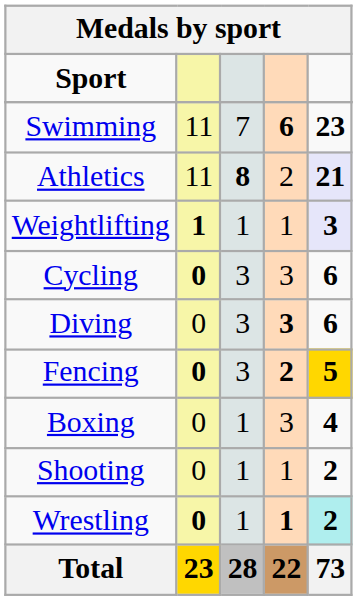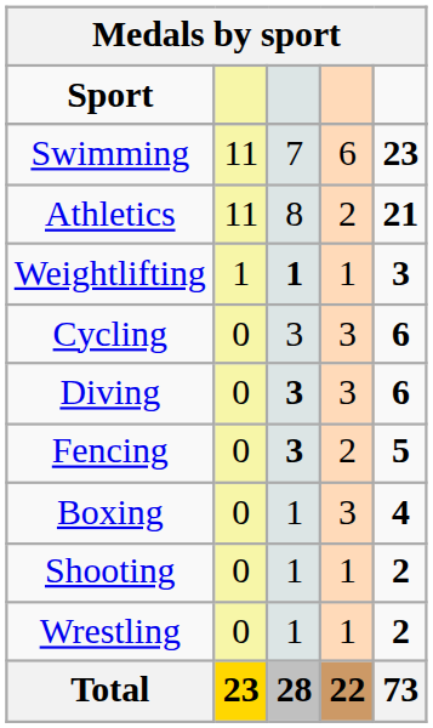 <table class="wikitable" style="font-size:85%; float:right">
 <tr style="background:#efefef;">
 <th colspan=7><strong>Medals by sport</strong></th>
 </tr>
 <tr align=center>
 <td><strong>Sport</strong></td>
 <td bgcolor=#f7f6a8></td>
 <td bgcolor=#dce5e5></td>
 <td bgcolor=#ffdab9></td>
 <td></td>
 </tr>
 <tr>
 </tr>
 <tr align=center>
 <td><a href='#'>Swimming</a></td>
 <td style="Background:#F7F6A8;">11</td>
 <td style="background:#DCE5E5;">7</td>
-<td style="background:#FFDAB9;"><strong>6</strong></td>
+<td style="background:#FFDAB9;">6</td>
 <td><strong>23</strong></td>
 </tr>
 <tr align=center>
 <td><a href='#'>Athletics</a></td>
 <td style="Background:#F7F6A8;">11</td>
-<td style="background:#DCE5E5;"><strong>8</strong></td>
+<td style="background:#DCE5E5;">8</td>
 <td style="background:#FFDAB9;">2</td>
-<td style="background: lavender;"><strong>21</strong></td>
+<td><strong>21</strong></td>
 </tr>
 <tr align=center>
 <td><a href='#'>Weightlifting</a></td>
-<td style="Background:#F7F6A8;"><strong>1</strong></td>
-<td style="background:#DCE5E5;">1</td>
+<td style="Background:#F7F6A8;">1</td>
+<td style="background:#DCE5E5;"><strong>1</strong></td>
 <td style="background:#FFDAB9;">1</td>
-<td style="background: lavender;"><strong>3</strong></td>
+<td><strong>3</strong></td>
 </tr>
 <tr align=center>
 <td><a href='#'>Cycling</a></td>
-<td style="Background:#F7F6A8;"><strong>0</strong></td>
+<td style="Background:#F7F6A8;">0</td>
 <td style="background:#DCE5E5;">3</td>
 <td style="background:#FFDAB9;">3</td>
 <td><strong>6</strong></td>
 </tr>
 <tr align=center>
 <td><a href='#'>Diving</a></td>
 <td style="Background:#F7F6A8;">0</td>
-<td style="background:#DCE5E5;">3</td>
-<td style="background:#FFDAB9;"><strong>3</strong></td>
+<td style="background:#DCE5E5;"><strong>3</strong></td>
+<td style="background:#FFDAB9;">3</td>
 <td><strong>6</strong></td>
 </tr>
 <tr align=center>
 <td><a href='#'>Fencing</a></td>
-<td style="background:#F7F6A8;"><strong>0</strong></td>
-<td style="background:#DCE5E5;">3</td>
-<td style="background:#FFDAB9;"><strong>2</strong></td>
-<td style="background: gold;"><strong>5</strong></td>
+<td style="background:#F7F6A8;">0</td>
+<td style="background:#DCE5E5;"><strong>3</strong></td>
+<td style="background:#FFDAB9;">2</td>
+<td><strong>5</strong></td>
 </tr>
 <tr align=center>
 <td><a href='#'>Boxing</a></td>
 <td style="Background:#F7F6A8;">0</td>
 <td style="background:#DCE5E5;">1</td>
 <td style="background:#FFDAB9;">3</td>
 <td><strong>4</strong></td>
 </tr>
 <tr align=center>
 <td><a href='#'>Shooting</a></td>
 <td style="Background:#F7F6A8;">0</td>
 <td style="background:#DCE5E5;">1</td>
 <td style="background:#FFDAB9;">1</td>
 <td><strong>2</strong></td>
 </tr>
 <tr align=center>
 <td><a href='#'>Wrestling</a></td>
-<td style="Background:#F7F6A8;"><strong>0</strong></td>
+<td style="Background:#F7F6A8;">0</td>
 <td style="background:#DCE5E5;">1</td>
-<td style="background:#FFDAB9;"><strong>1</strong></td>
-<td style="background: paleturquoise;"><strong>2</strong></td>
+<td style="background:#FFDAB9;">1</td>
+<td><strong>2</strong></td>
 </tr>
 <tr align=center>
 <th>Total</th>
 <th style="background:gold;">23</th>
 <th style="background:silver;">28</th>
 <th style="background:#c96;">22</th>
 <th>73</th>
 </tr>
 </table>
